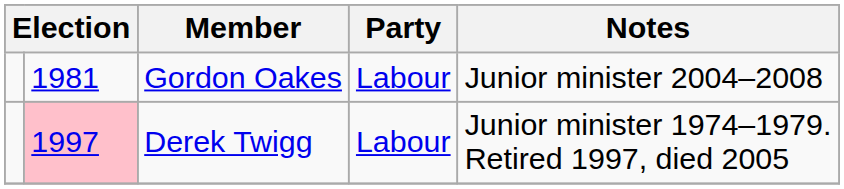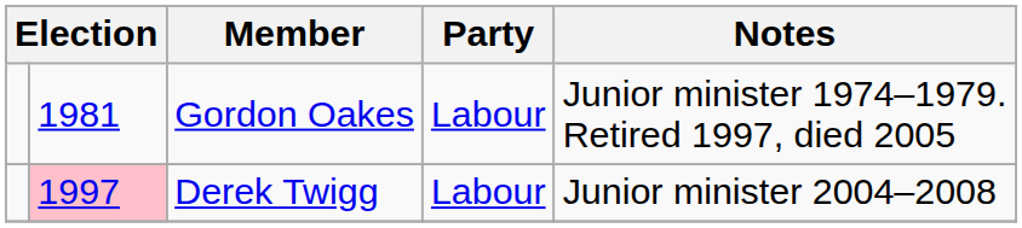 <table class="wikitable">
 <tr>
 <th colspan="2">Election</th>
 <th>Member</th>
 <th>Party</th>
 <th>Notes</th>
 </tr>
 <tr>
 <td style="color:inherit;background-color: "></td>
 <td><a href='#'>1981</a></td>
 <td><a href='#'>Gordon Oakes</a></td>
 <td><a href='#'>Labour</a></td>
-<td>Junior minister 2004–2008</td>
+<td>Junior minister 1974–1979.<br>Retired 1997, died 2005</td>
 </tr>
 <tr>
 <td style="color:inherit;background-color: "></td>
 <td style="background: pink;"><a href='#'>1997</a></td>
 <td><a href='#'>Derek Twigg</a></td>
 <td><a href='#'>Labour</a></td>
-<td>Junior minister 1974–1979.<br>Retired 1997, died 2005</td>
+<td>Junior minister 2004–2008</td>
 </tr>
 <tr>
 </tr>
 </table>
